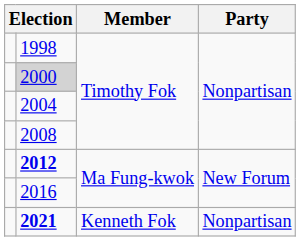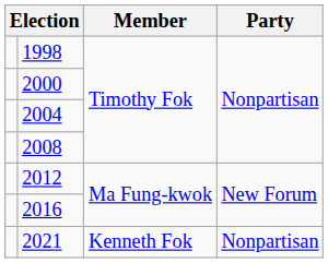 <table class="wikitable">
 <tr>
 <th colspan="2">Election</th>
 <th>Member</th>
 <th>Party</th>
 </tr>
 <tr>
 <td style="background-color:"></td>
 <td><a href='#'>1998</a></td>
 <td rowspan=4><a href='#'>Timothy Fok</a></td>
 <td rowspan=4><a href='#'>Nonpartisan</a></td>
 </tr>
 <tr>
 <td style="background-color:"></td>
-<td style="background: lightgrey;"><a href='#'>2000</a></td>
+<td><a href='#'>2000</a></td>
 </tr>
 <tr>
 <td style="background-color:"></td>
 <td><a href='#'>2004</a></td>
 </tr>
 <tr>
 <td style="background-color:"></td>
 <td><a href='#'>2008</a></td>
 </tr>
 <tr>
 <td style="background-color:"></td>
-<td><strong><a href='#'>2012</a></strong></td>
+<td><a href='#'>2012</a></td>
 <td rowspan=2><a href='#'>Ma Fung-kwok</a></td>
 <td rowspan=2><a href='#'>New Forum</a></td>
 </tr>
 <tr>
 <td style="background-color:"></td>
 <td><a href='#'>2016</a></td>
 </tr>
 <tr>
 <td style="background-color:"></td>
-<td><strong><a href='#'>2021</a></strong></td>
+<td><a href='#'>2021</a></td>
 <td rowspan=2><a href='#'>Kenneth Fok</a></td>
 <td rowspan=2><a href='#'>Nonpartisan</a></td>
 </tr>
 </table>
